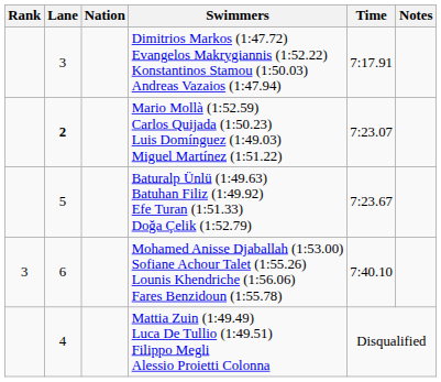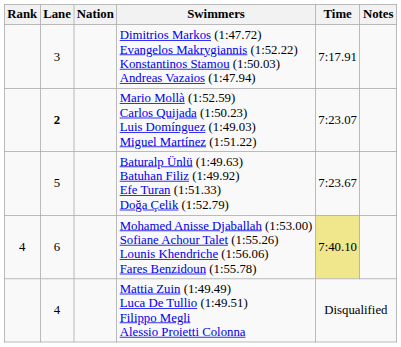 <table class="wikitable sortable" style="text-align:center">
 <tr>
 <th>Rank</th>
 <th>Lane</th>
 <th>Nation</th>
 <th>Swimmers</th>
 <th>Time</th>
 <th>Notes</th>
 </tr>
 <tr>
 <td></td>
 <td>3</td>
 <td align=left></td>
 <td align=left><a href='#'>Dimitrios Markos</a> (1:47.72)<br><a href='#'>Evangelos Makrygiannis</a> (1:52.22)<br><a href='#'>Konstantinos Stamou</a> (1:50.03)<br><a href='#'>Andreas Vazaios</a> (1:47.94)</td>
 <td>7:17.91</td>
 <td></td>
 </tr>
 <tr>
 <td></td>
 <td><strong>2</strong></td>
 <td align=left></td>
 <td align=left><a href='#'>Mario Mollà</a> (1:52.59)<br><a href='#'>Carlos Quijada</a> (1:50.23)<br><a href='#'>Luis Domínguez</a> (1:49.03)<br><a href='#'>Miguel Martínez</a> (1:51.22)</td>
 <td>7:23.07</td>
 <td></td>
 </tr>
 <tr>
 <td></td>
 <td>5</td>
 <td align=left></td>
 <td align=left><a href='#'>Baturalp Ünlü</a> (1:49.63)<br><a href='#'>Batuhan Filiz</a> (1:49.92)<br><a href='#'>Efe Turan</a> (1:51.33)<br><a href='#'>Doğa Çelik</a> (1:52.79)</td>
 <td>7:23.67</td>
 <td></td>
 </tr>
 <tr>
-<td>3</td>
+<td>4</td>
 <td>6</td>
 <td align=left></td>
 <td align=left><a href='#'>Mohamed Anisse Djaballah</a> (1:53.00)<br><a href='#'>Sofiane Achour Talet</a> (1:55.26)<br><a href='#'>Lounis Khendriche</a> (1:56.06)<br><a href='#'>Fares Benzidoun</a> (1:55.78)</td>
-<td>7:40.10</td>
+<td style="background: khaki;">7:40.10</td>
 <td></td>
 </tr>
 <tr>
 <td></td>
 <td>4</td>
 <td align=left></td>
 <td align=left><a href='#'>Mattia Zuin</a> (1:49.49)<br><a href='#'>Luca De Tullio</a> (1:49.51)<br><a href='#'>Filippo Megli</a><br><a href='#'>Alessio Proietti Colonna</a></td>
 <td colspan=2>Disqualified</td>
 </tr>
 </table>
